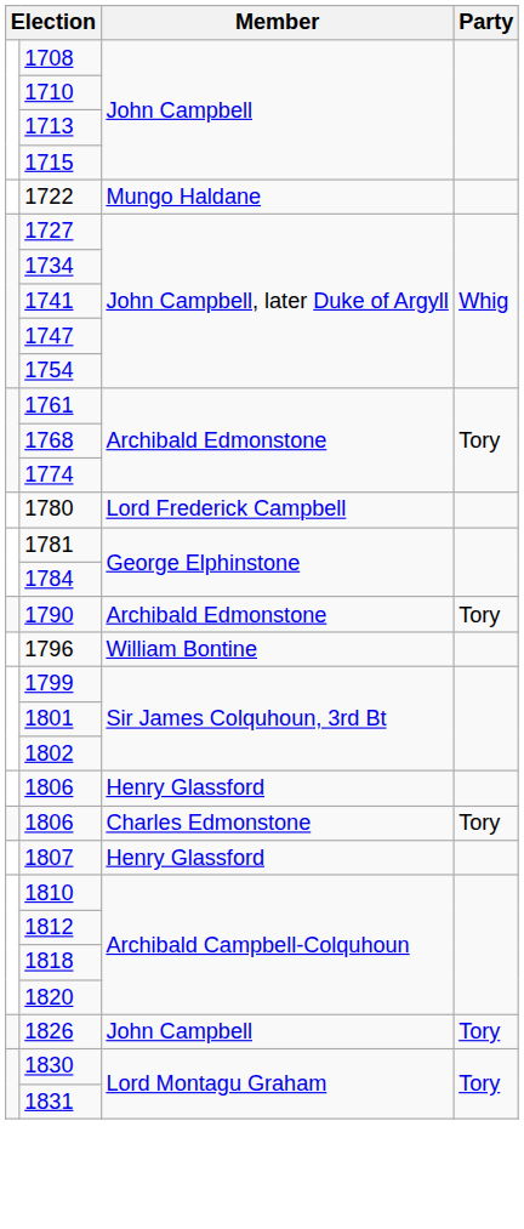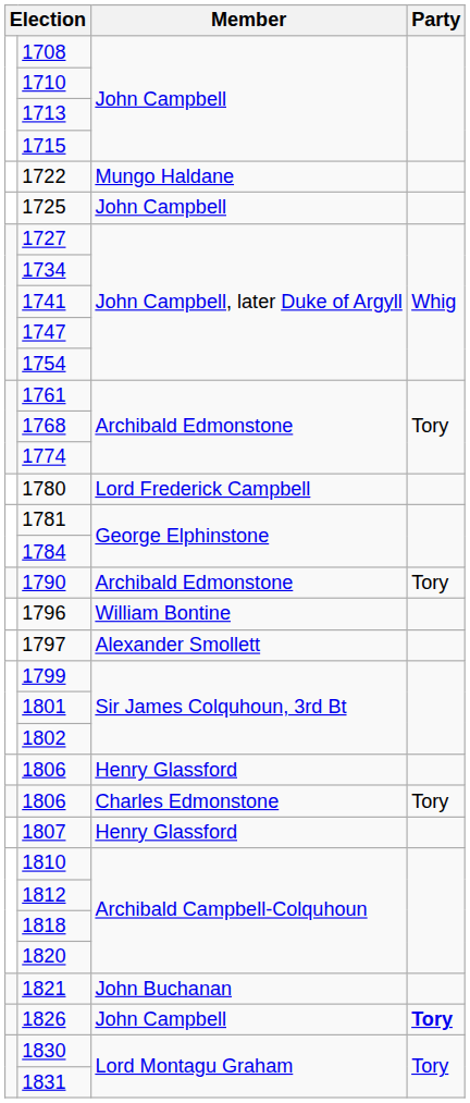 <table class = "wikitable">
 <tr>
 <th colspan="2">Election</th>
 <th>Member</th>
 <th>Party</th>
 </tr>
 <tr>
 <td rowspan="4" style="color:inherit;background-color: white"></td>
 <td><a href='#'>1708</a></td>
 <td rowspan="4"><a href='#'>John Campbell</a></td>
 <td rowspan="4"></td>
 </tr>
 <tr>
 <td><a href='#'>1710</a></td>
 </tr>
 <tr>
 <td><a href='#'>1713</a></td>
 </tr>
 <tr>
 <td><a href='#'>1715</a></td>
 </tr>
 <tr>
 <td style="color:inherit;background-color: white"></td>
 <td>1722</td>
 <td><a href='#'>Mungo Haldane</a></td>
+<td></td>
+</tr>
+<tr>
+<td style="color:inherit;background-color: white"></td>
+<td>1725</td>
+<td><a href='#'>John Campbell</a></td>
 <td></td>
 </tr>
 <tr>
 <td rowspan="5" style="color:inherit;background-color: "></td>
 <td><a href='#'>1727</a></td>
 <td rowspan="5"><a href='#'>John Campbell</a>, later <a href='#'>Duke of Argyll</a></td>
 <td rowspan="5"><a href='#'>Whig</a></td>
 </tr>
 <tr>
 <td><a href='#'>1734</a></td>
 </tr>
 <tr>
 <td><a href='#'>1741</a></td>
 </tr>
 <tr>
 <td><a href='#'>1747</a></td>
 </tr>
 <tr>
 <td><a href='#'>1754</a></td>
 </tr>
 <tr>
 <td rowspan="3" style="color:inherit;background-color: "></td>
 <td><a href='#'>1761</a></td>
 <td rowspan="3"><a href='#'>Archibald Edmonstone</a></td>
 <td rowspan="3">Tory</td>
 </tr>
 <tr>
 <td><a href='#'>1768</a></td>
 </tr>
 <tr>
 <td><a href='#'>1774</a></td>
 </tr>
 <tr>
 <td style="color:inherit;background-color: white"></td>
 <td>1780</td>
 <td><a href='#'>Lord Frederick Campbell</a></td>
 <td></td>
 </tr>
 <tr>
 <td rowspan="2" style="color:inherit;background-color: white"></td>
 <td>1781</td>
 <td rowspan="2"><a href='#'>George Elphinstone</a></td>
 <td rowspan="2"></td>
 </tr>
 <tr>
 <td><a href='#'>1784</a></td>
 </tr>
 <tr>
 <td style="color:inherit;background-color: "></td>
 <td><a href='#'>1790</a></td>
 <td><a href='#'>Archibald Edmonstone</a></td>
 <td>Tory</td>
 </tr>
 <tr>
 <td style="color:inherit;background-color: white"></td>
 <td>1796</td>
 <td><a href='#'>William Bontine</a></td>
 <td></td>
 </tr>
 <tr>
+<td style="color:inherit;background-color: white"></td>
+<td>1797</td>
+<td><a href='#'>Alexander Smollett</a></td>
+<td></td>
+</tr>
+<tr>
 <td rowspan="3" style="color:inherit;background-color: white"></td>
 <td><a href='#'>1799</a></td>
 <td rowspan="3"><a href='#'>Sir James Colquhoun, 3rd Bt</a></td>
 <td rowspan="3"></td>
 </tr>
 <tr>
 <td><a href='#'>1801</a></td>
 </tr>
 <tr>
 <td><a href='#'>1802</a></td>
 </tr>
 <tr>
 <td style="color:inherit;background-color: white"></td>
 <td><a href='#'>1806</a></td>
 <td><a href='#'>Henry Glassford</a></td>
 <td></td>
 </tr>
 <tr>
 <td style="color:inherit;background-color: "></td>
 <td><a href='#'>1806</a></td>
 <td><a href='#'>Charles Edmonstone</a></td>
 <td>Tory</td>
 </tr>
 <tr>
 <td style="color:inherit;background-color: white"></td>
 <td><a href='#'>1807</a></td>
 <td><a href='#'>Henry Glassford</a></td>
 <td></td>
 </tr>
 <tr>
 <td rowspan="4" style="color:inherit;background-color: white"></td>
 <td><a href='#'>1810</a></td>
 <td rowspan="4"><a href='#'>Archibald Campbell-Colquhoun</a></td>
 <td rowspan="4"></td>
 </tr>
 <tr>
 <td><a href='#'>1812</a></td>
 </tr>
 <tr>
 <td><a href='#'>1818</a></td>
 </tr>
 <tr>
 <td><a href='#'>1820</a></td>
 </tr>
 <tr>
 <td style="color:inherit;background-color: "></td>
+<td><a href='#'>1821</a></td>
+<td><a href='#'>John Buchanan</a></td>
+<td></td>
+</tr>
+<tr>
+<td style="color:inherit;background-color: "></td>
 <td><a href='#'>1826</a></td>
 <td><a href='#'>John Campbell</a></td>
-<td><a href='#'>Tory</a></td>
+<td><strong><a href='#'>Tory</a></strong></td>
 </tr>
 <tr>
 <td rowspan="2" style="color:inherit;background-color: "></td>
 <td><a href='#'>1830</a></td>
 <td rowspan="2"><a href='#'>Lord Montagu Graham</a></td>
 <td rowspan="2"><a href='#'>Tory</a></td>
 </tr>
 <tr>
 <td><a href='#'>1831</a></td>
 </tr>
 </table>
